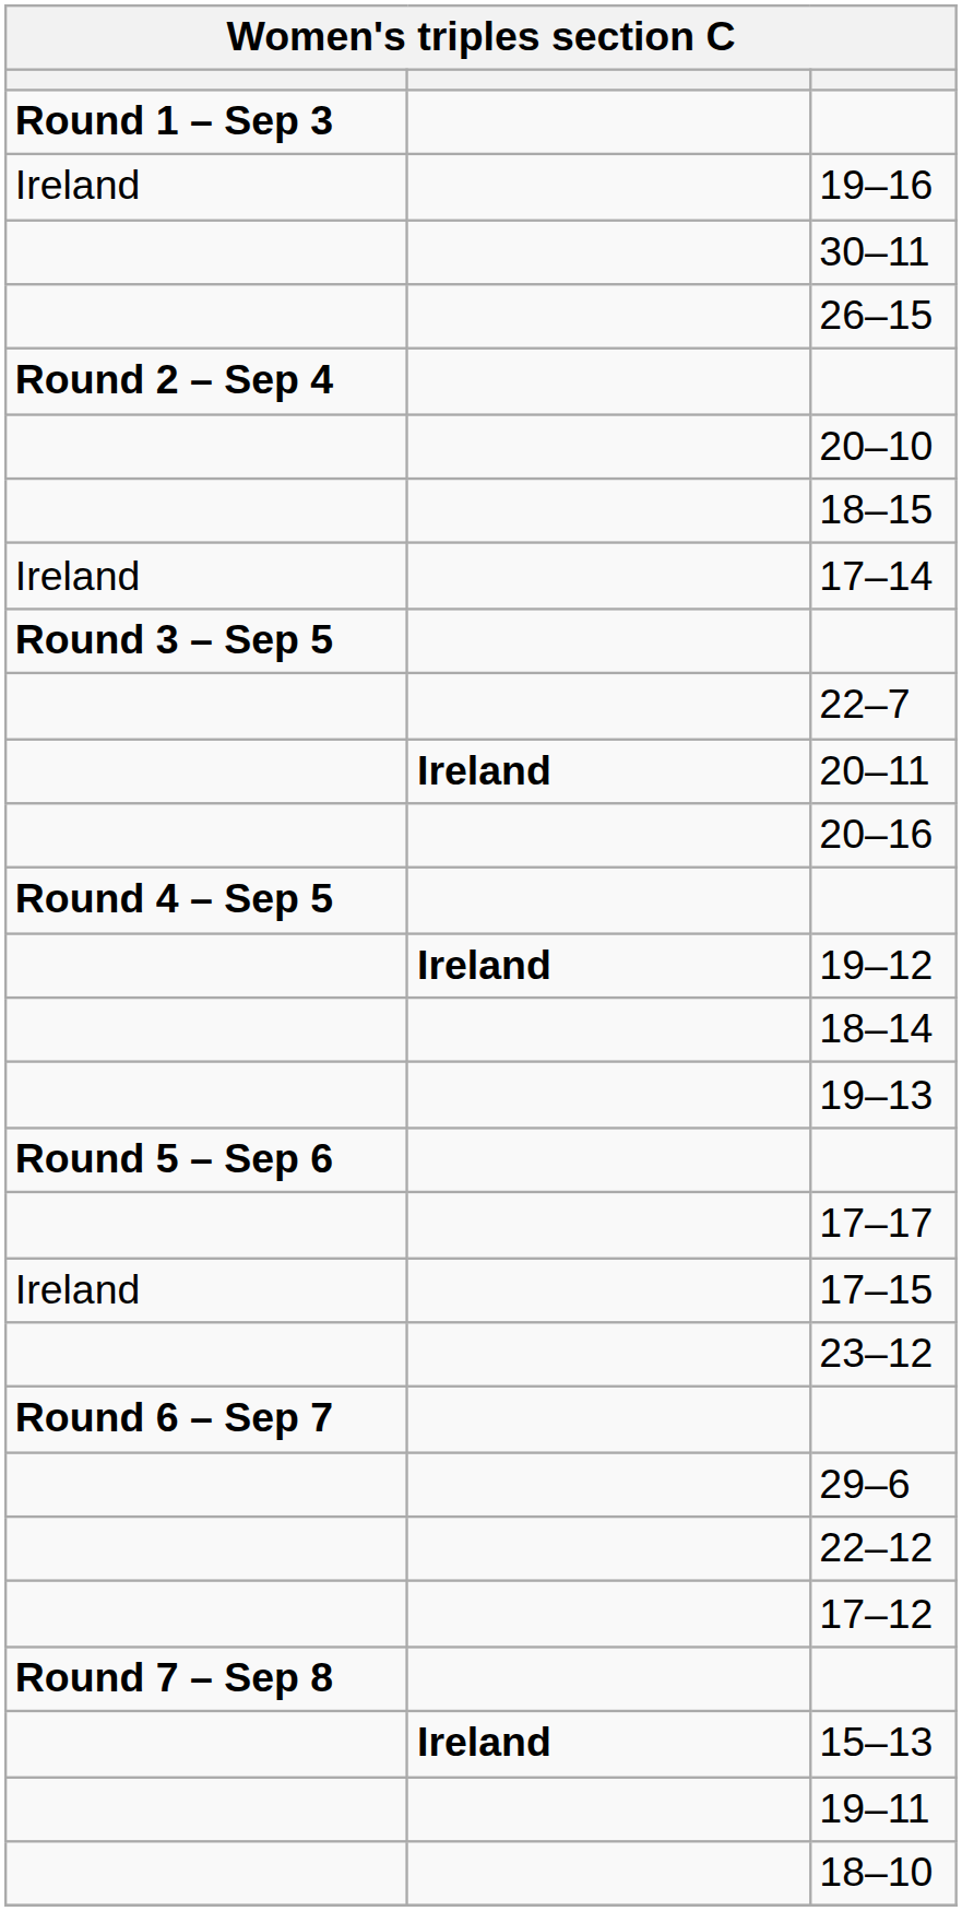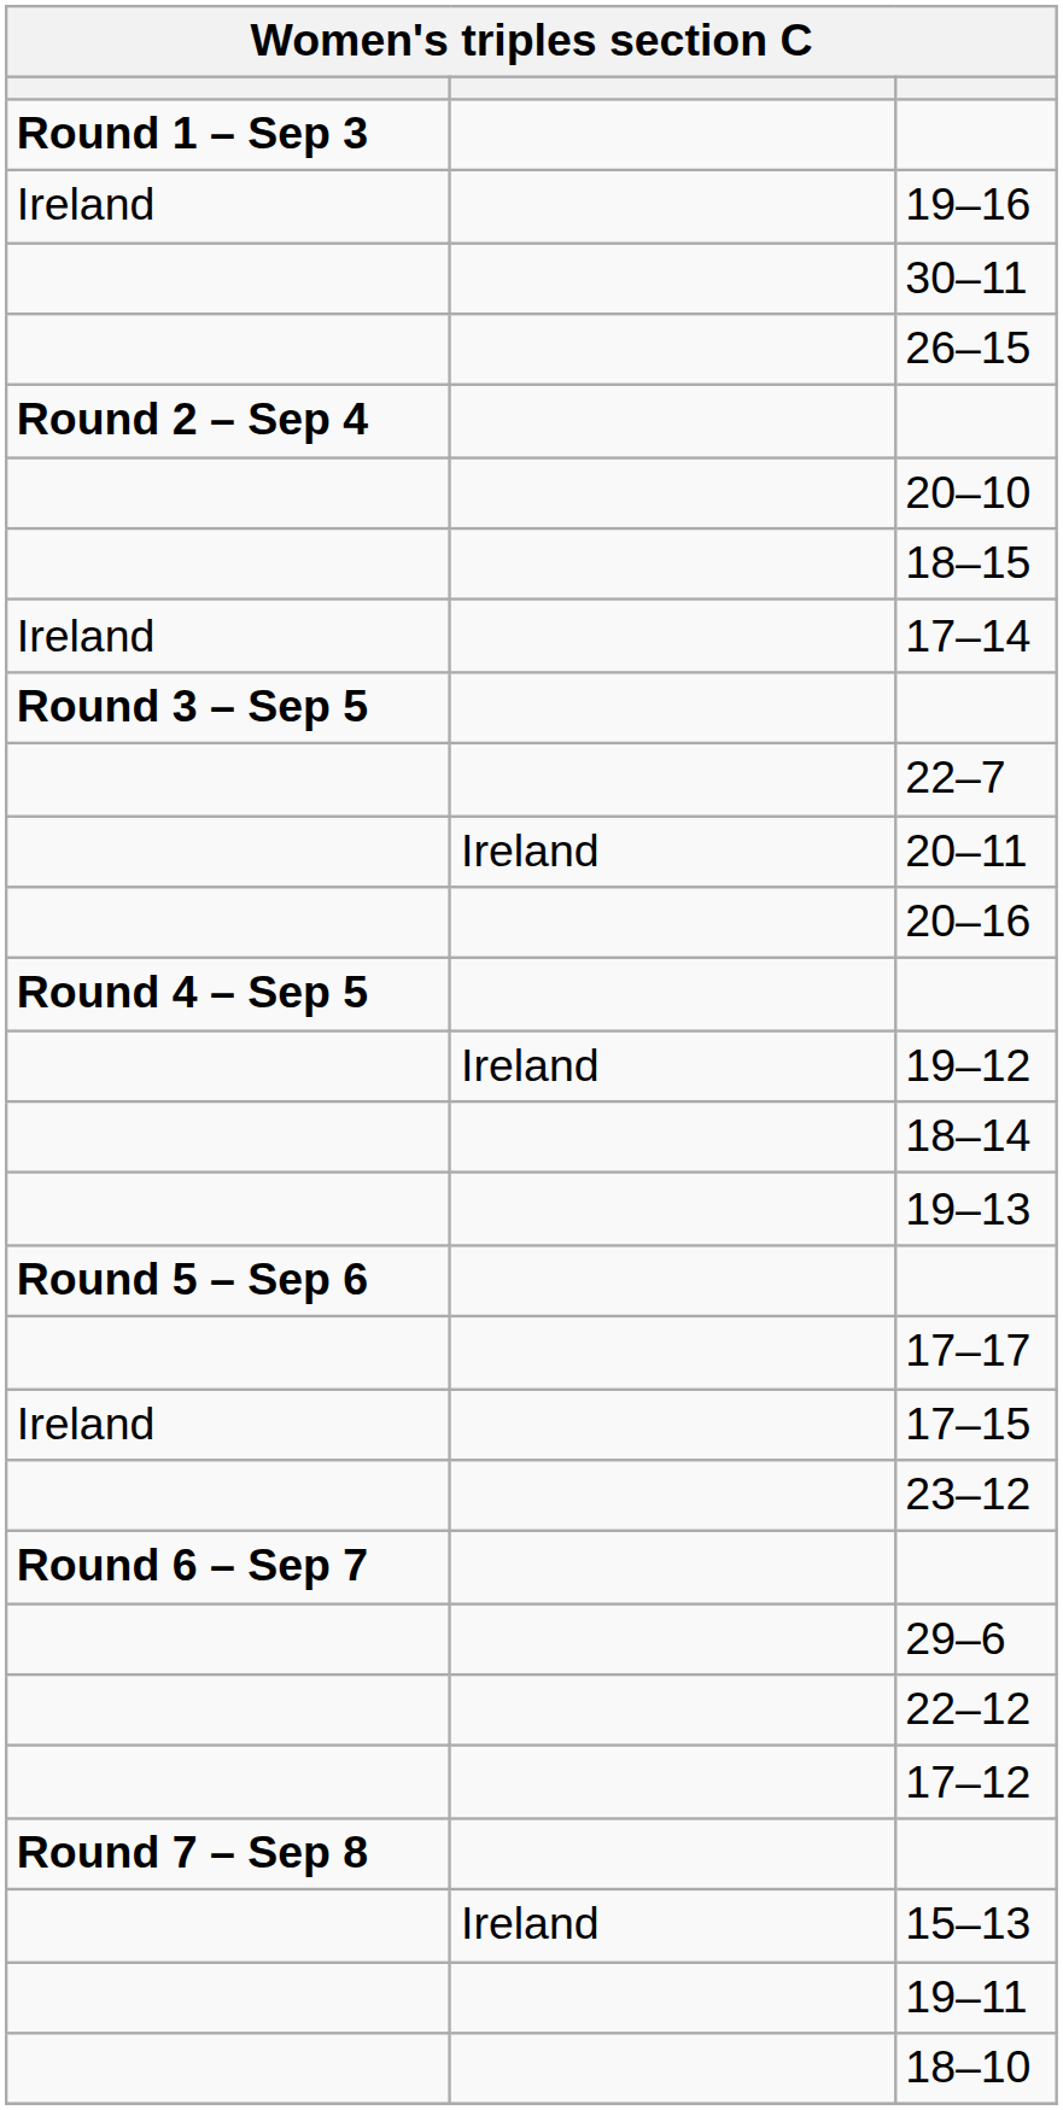 <table class="wikitable">
 <tr>
 <th colspan="3">Women's triples section C</th>
 </tr>
 <tr>
 <th width=150></th>
 <th width=150></th>
 <th width=50></th>
 </tr>
 <tr>
 <td><strong>Round 1 – Sep 3</strong></td>
 <td></td>
 <td></td>
 </tr>
 <tr>
 <td> Ireland</td>
 <td></td>
 <td>19–16</td>
 </tr>
 <tr>
 <td></td>
 <td></td>
 <td>30–11</td>
 </tr>
 <tr>
 <td></td>
 <td></td>
 <td>26–15</td>
 </tr>
 <tr>
 <td><strong>Round 2 – Sep 4</strong></td>
 <td></td>
 <td></td>
 </tr>
 <tr>
 <td></td>
 <td></td>
 <td>20–10</td>
 </tr>
 <tr>
 <td></td>
 <td></td>
 <td>18–15</td>
 </tr>
 <tr>
 <td> Ireland</td>
 <td></td>
 <td>17–14</td>
 </tr>
 <tr>
 <td><strong>Round 3 – Sep 5</strong></td>
 <td></td>
 <td></td>
 </tr>
 <tr>
 <td></td>
 <td></td>
 <td>22–7</td>
 </tr>
 <tr>
 <td></td>
-<td><strong> Ireland</strong></td>
+<td> Ireland</td>
 <td>20–11</td>
 </tr>
 <tr>
 <td></td>
 <td></td>
 <td>20–16</td>
 </tr>
 <tr>
 <td><strong>Round 4 – Sep 5</strong></td>
 <td></td>
 <td></td>
 </tr>
 <tr>
 <td></td>
-<td><strong> Ireland</strong></td>
+<td> Ireland</td>
 <td>19–12</td>
 </tr>
 <tr>
 <td></td>
 <td></td>
 <td>18–14</td>
 </tr>
 <tr>
 <td></td>
 <td></td>
 <td>19–13</td>
 </tr>
 <tr>
 <td><strong>Round 5 – Sep 6</strong></td>
 <td></td>
 <td></td>
 </tr>
 <tr>
 <td></td>
 <td></td>
 <td>17–17</td>
 </tr>
 <tr>
 <td> Ireland</td>
 <td></td>
 <td>17–15</td>
 </tr>
 <tr>
 <td></td>
 <td></td>
 <td>23–12</td>
 </tr>
 <tr>
 <td><strong>Round 6  – Sep 7</strong></td>
 <td></td>
 <td></td>
 </tr>
 <tr>
 <td></td>
 <td></td>
 <td>29–6</td>
 </tr>
 <tr>
 <td></td>
 <td></td>
 <td>22–12</td>
 </tr>
 <tr>
 <td></td>
 <td></td>
 <td>17–12</td>
 </tr>
 <tr>
 <td><strong>Round 7 – Sep 8</strong></td>
 <td></td>
 <td></td>
 </tr>
 <tr>
 <td></td>
-<td><strong> Ireland</strong></td>
+<td> Ireland</td>
 <td>15–13</td>
 </tr>
 <tr>
 <td></td>
 <td></td>
 <td>19–11</td>
 </tr>
 <tr>
 <td></td>
 <td></td>
 <td>18–10</td>
 </tr>
 <tr>
 </tr>
 </table>
